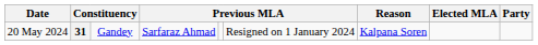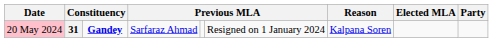 <table class="wikitable sortable" style="text-align:center;">
 <tr>
 <th>Date</th>
 <th colspan="2">Constituency</th>
 <th colspan="3">Previous MLA</th>
 <th>Reason</th>
 <th>Elected MLA</th>
 <th colspan="2">Party</th>
 </tr>
 <tr>
-<td>20 May 2024</td>
+<td style="background: pink;">20 May 2024</td>
 <th>31</th>
-<td><a href='#'>Gandey</a></td>
+<td><strong><a href='#'>Gandey</a></strong></td>
 <td><a href='#'>Sarfaraz Ahmad</a></td>
 <td></td>
 <td>Resigned on 1 January 2024</td>
 <td><a href='#'>Kalpana Soren</a></td>
 <td></td>
 </tr>
 </table>
